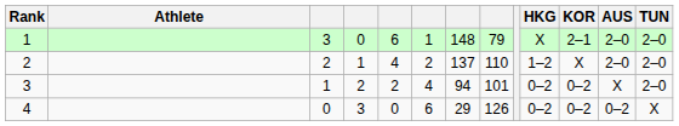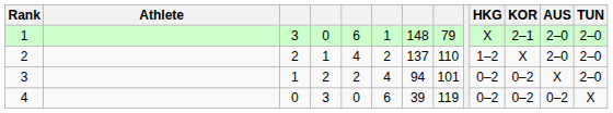 <table class="wikitable" style="text-align:center">
 <tr>
 <th width=40>Rank</th>
 <th width=280>Athlete</th>
 <th width=30></th>
 <th width=30></th>
 <th width=30></th>
 <th width=30></th>
 <th width=30></th>
 <th width=30></th>
 <th rowspan=5></th>
 <th width=30>HKG</th>
 <th width=30>KOR</th>
 <th width=30>AUS</th>
 <th width=30>TUN</th>
 </tr>
 <tr style="background-color:#ccffcc;">
 <td>1</td>
 <td align=left></td>
 <td>3</td>
 <td>0</td>
 <td>6</td>
 <td>1</td>
 <td>148</td>
 <td>79</td>
 <td>X</td>
 <td>2–1</td>
 <td>2–0</td>
 <td>2–0</td>
 </tr>
 <tr>
 <td>2</td>
 <td align=left></td>
 <td>2</td>
 <td>1</td>
 <td>4</td>
 <td>2</td>
 <td>137</td>
 <td>110</td>
 <td>1–2</td>
 <td>X</td>
 <td>2–0</td>
 <td>2–0</td>
 </tr>
 <tr>
 <td>3</td>
 <td align=left></td>
 <td>1</td>
 <td>2</td>
 <td>2</td>
 <td>4</td>
 <td>94</td>
 <td>101</td>
 <td>0–2</td>
 <td>0–2</td>
 <td>X</td>
 <td>2–0</td>
 </tr>
 <tr>
 <td>4</td>
 <td align=left></td>
 <td>0</td>
 <td>3</td>
 <td>0</td>
 <td>6</td>
-<td>29</td>
-<td>126</td>
+<td>39</td>
+<td>119</td>
 <td>0–2</td>
 <td>0–2</td>
 <td>0–2</td>
 <td>X</td>
 </tr>
 </table>
